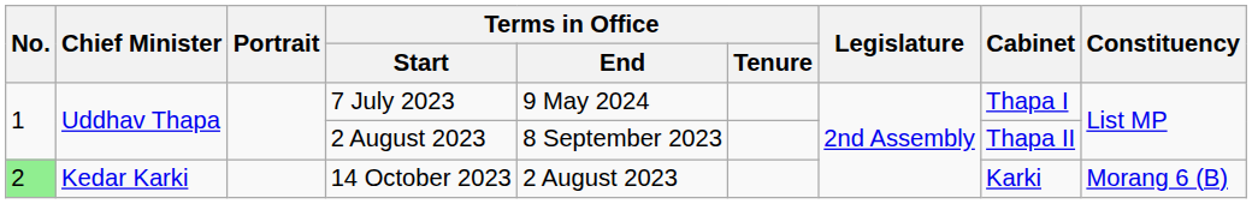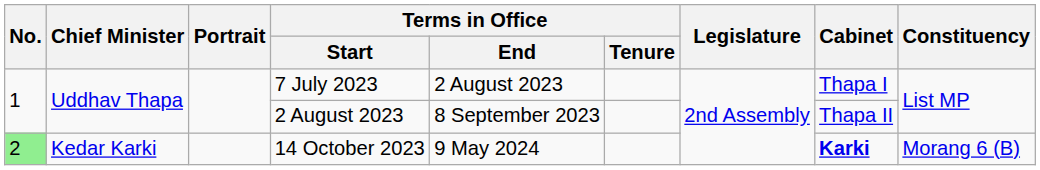 <table class="wikitable">
 <tr>
 <th rowspan="2" style="background-color:">No.</th>
 <th rowspan="2" style="background-color:">Chief Minister</th>
 <th rowspan="2" style="background-color:">Portrait</th>
 <th colspan="3" style="background-color:">Terms in Office</th>
 <th rowspan="2" style="background-color:">Legislature</th>
 <th rowspan="2" style="background-color:">Cabinet</th>
 <th rowspan="2" style="background-color:">Constituency</th>
 </tr>
 <tr>
 <th style="background-color:">Start</th>
 <th style="background-color:">End</th>
 <th style="background-color:">Tenure</th>
 </tr>
 <tr>
 <td rowspan="2">1</td>
 <td rowspan="2"><a href='#'>Uddhav Thapa</a></td>
 <td rowspan="2"></td>
 <td>7 July 2023</td>
-<td>9 May 2024</td>
+<td>2 August 2023</td>
 <td></td>
 <td rowspan="3"><a href='#'>2nd Assembly</a></td>
 <td><a href='#'>Thapa I</a></td>
 <td rowspan="2"><a href='#'>List MP</a></td>
 </tr>
 <tr>
 <td>2 August 2023</td>
 <td>8 September 2023</td>
 <td></td>
 <td><a href='#'>Thapa II</a></td>
 </tr>
 <tr>
 <td style="background: lightgreen;">2</td>
 <td><a href='#'>Kedar Karki</a></td>
 <td></td>
 <td>14 October 2023</td>
-<td>2 August 2023</td>
+<td>9 May 2024</td>
 <td></td>
-<td><a href='#'>Karki</a></td>
+<td><strong><a href='#'>Karki</a></strong></td>
 <td><a href='#'>Morang 6 (B)</a></td>
 </tr>
 </table>
